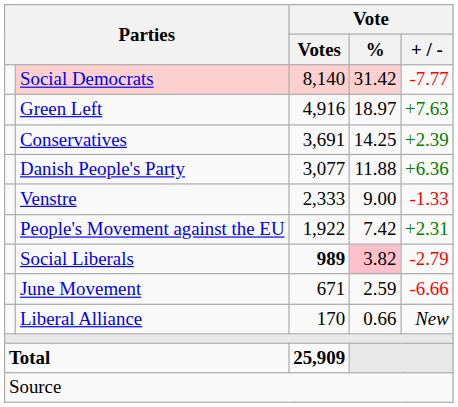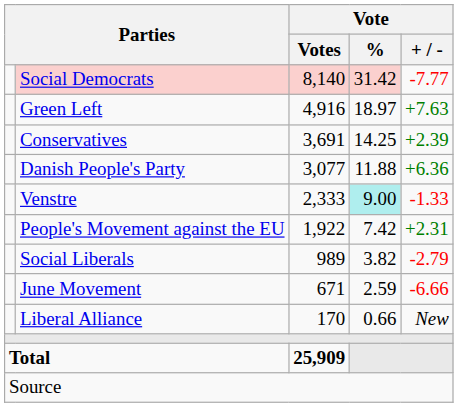 <table class="wikitable" style="text-align:right;">
 <tr>
 <th style="text-align:centre;" rowspan="2" colspan="2" width="225">Parties</th>
 <th colspan="3">Vote</th>
 </tr>
 <tr>
 <th width="15">Votes</th>
 <th width="15">%</th>
 <th width="15">+ / -</th>
 </tr>
 <tr>
 <td width="2" style="color:inherit;background:"></td>
 <td bgcolor=#fbd0ce   align="left"><a href='#'>Social Democrats</a></td>
 <td bgcolor=#fbd0ce>8,140</td>
 <td bgcolor=#fbd0ce>31.42</td>
 <td style=color:red;>-7.77</td>
 </tr>
 <tr>
 <td width="2" style="color:inherit;background:"></td>
 <td align="left"><a href='#'>Green Left</a></td>
 <td>4,916</td>
 <td>18.97</td>
 <td style=color:green;>+7.63</td>
 </tr>
 <tr>
 <td width="2" style="color:inherit;background:"></td>
 <td align="left"><a href='#'>Conservatives</a></td>
 <td>3,691</td>
 <td>14.25</td>
 <td style=color:green;>+2.39</td>
 </tr>
 <tr>
 <td width="2" style="color:inherit;background:"></td>
 <td align="left"><a href='#'>Danish People's Party</a></td>
 <td>3,077</td>
 <td>11.88</td>
 <td style=color:green;>+6.36</td>
 </tr>
 <tr>
 <td width="2" style="color:inherit;background:"></td>
 <td align="left"><a href='#'>Venstre</a></td>
 <td>2,333</td>
-<td>9.00</td>
+<td style="background: paleturquoise;">9.00</td>
 <td style=color:red;>-1.33</td>
 </tr>
 <tr>
 <td width="2" style="color:inherit;background:"></td>
 <td align="left"><a href='#'>People's Movement against the EU</a></td>
 <td>1,922</td>
 <td>7.42</td>
 <td style=color:green;>+2.31</td>
 </tr>
 <tr>
 <td width="2" style="color:inherit;background:"></td>
 <td align="left"><a href='#'>Social Liberals</a></td>
-<td><strong>989</strong></td>
-<td style="background: pink;">3.82</td>
+<td>989</td>
+<td>3.82</td>
 <td style=color:red;>-2.79</td>
 </tr>
 <tr>
 <td width="2" style="color:inherit;background:"></td>
 <td align="left"><a href='#'>June Movement</a></td>
 <td>671</td>
 <td>2.59</td>
 <td style=color:red;>-6.66</td>
 </tr>
 <tr>
 <td width="2" style="color:inherit;background:"></td>
 <td align="left"><a href='#'>Liberal Alliance</a></td>
 <td>170</td>
 <td>0.66</td>
 <td><em>New</em></td>
 </tr>
 <tr>
 <td colspan="7" bgcolor="#E9E9E9"></td>
 </tr>
 <tr>
 <td align="left" colspan="2"><strong>Total</strong></td>
 <td><strong>25,909</strong></td>
 <td bgcolor="#E9E9E9" colspan="2"></td>
 </tr>
 <tr>
 <td align="left" colspan="6">Source</td>
 </tr>
 </table>
